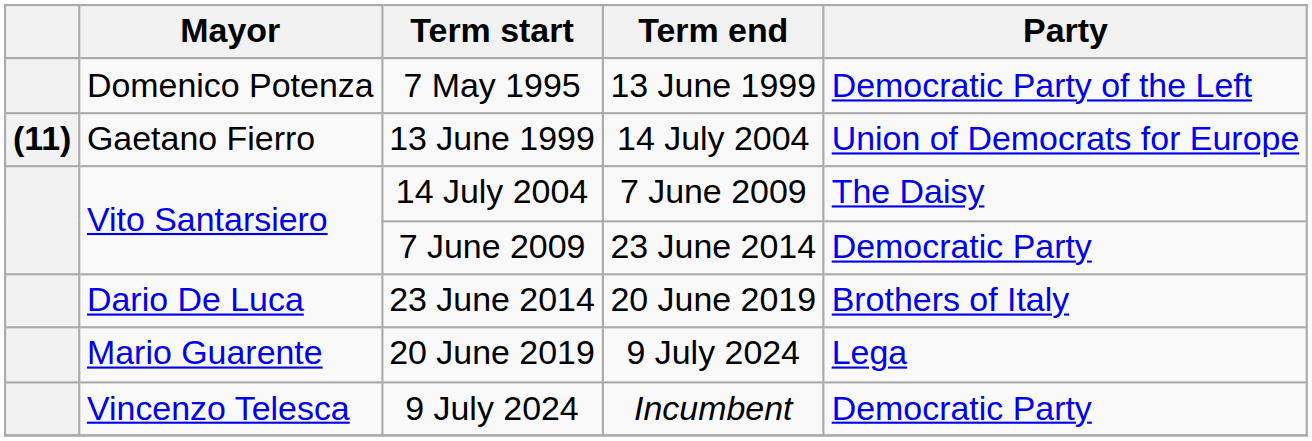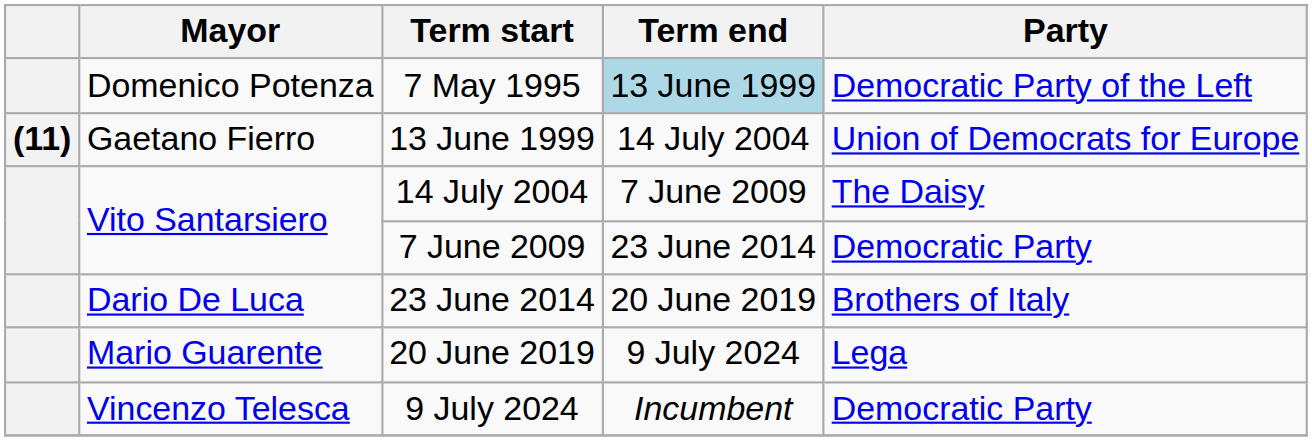 <table class="wikitable">
 <tr>
 <th class=unsortable> </th>
 <th>Mayor</th>
 <th>Term start</th>
 <th>Term end</th>
 <th>Party</th>
 </tr>
 <tr>
 <th style="background: "></th>
 <td>Domenico Potenza</td>
 <td align=center>7 May 1995</td>
-<td align=center>13 June 1999</td>
+<td align=center style="background: lightblue;">13 June 1999</td>
 <td><a href='#'>Democratic Party of the Left</a></td>
 </tr>
 <tr>
 <th style="background: ">(11)</th>
 <td>Gaetano Fierro</td>
 <td align=center>13 June 1999</td>
 <td align=center>14 July 2004</td>
 <td><a href='#'>Union of Democrats for Europe</a></td>
 </tr>
 <tr>
 <th rowspan=2 style="background: "></th>
 <td rowspan=2><a href='#'>Vito Santarsiero</a></td>
 <td align=center>14 July 2004</td>
 <td align=center>7 June 2009</td>
 <td><a href='#'>The Daisy</a></td>
 </tr>
 <tr>
 <td align=center>7 June 2009</td>
 <td align=center>23 June 2014</td>
 <td><a href='#'>Democratic Party</a></td>
 </tr>
 <tr>
 <th style="background: "></th>
 <td><a href='#'>Dario De Luca</a></td>
 <td align=center>23 June 2014</td>
 <td align=center>20 June 2019</td>
 <td><a href='#'>Brothers of Italy</a></td>
 </tr>
 <tr>
 <th style="background: "></th>
 <td><a href='#'>Mario Guarente</a></td>
 <td align=center>20 June 2019</td>
 <td align=center>9 July 2024</td>
 <td><a href='#'>Lega</a></td>
 </tr>
 <tr>
 <th style="background: "></th>
 <td><a href='#'>Vincenzo Telesca</a></td>
 <td align=center>9 July 2024</td>
 <td align=center><em>Incumbent</em></td>
 <td><a href='#'>Democratic Party</a></td>
 </tr>
 <tr>
 </tr>
 </table>
